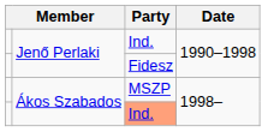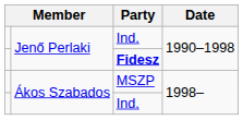 <table class=wikitable>
 <tr>
 <th colspan=2>Member</th>
 <th>Party</th>
 <th>Date</th>
 </tr>
 <tr>
 <td style="background-color:"></td>
 <td rowspan=2><a href='#'>Jenő Perlaki</a></td>
 <td><a href='#'>Ind.</a></td>
 <td rowspan=2>1990–1998</td>
 </tr>
 <tr>
 <td style="background-color:"></td>
-<td><a href='#'>Fidesz</a></td>
+<td><strong><a href='#'>Fidesz</a></strong></td>
 </tr>
 <tr>
 <td style="background-color:"></td>
 <td rowspan=2><a href='#'>Ákos Szabados</a></td>
 <td><a href='#'>MSZP</a></td>
 <td rowspan=2>1998–</td>
 </tr>
 <tr>
 <td style="background-color:"></td>
-<td style="background: lightsalmon;"><a href='#'>Ind.</a></td>
+<td><a href='#'>Ind.</a></td>
 </tr>
 </table>
